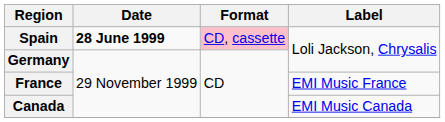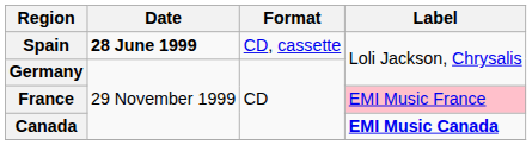 <table class="wikitable plainrowheaders">
 <tr>
 <th scope="col">Region</th>
 <th scope="col">Date</th>
 <th scope="col">Format</th>
 <th scope="col">Label</th>
 </tr>
 <tr>
 <th scope="row">Spain</th>
 <td rowspan="1"><strong>28 June 1999</strong></td>
-<td rowspan="1" style="background: pink;"><a href='#'>CD</a>, <a href='#'>cassette</a></td>
+<td rowspan="1"><a href='#'>CD</a>, <a href='#'>cassette</a></td>
 <td rowspan="2">Loli Jackson, <a href='#'>Chrysalis</a></td>
 </tr>
 <tr>
 <th scope="row">Germany</th>
 <td rowspan="3">29 November 1999</td>
 <td rowspan="3">CD</td>
 </tr>
 <tr>
 <th scope="row">France</th>
-<td rowspan="1"><a href='#'>EMI Music France</a></td>
+<td rowspan="1" style="background: pink;"><a href='#'>EMI Music France</a></td>
 </tr>
 <tr>
 <th scope="row">Canada</th>
-<td rowspan="1"><a href='#'>EMI Music Canada</a></td>
+<td rowspan="1"><strong><a href='#'>EMI Music Canada</a></strong></td>
 </tr>
 <tr>
 </tr>
 </table>
